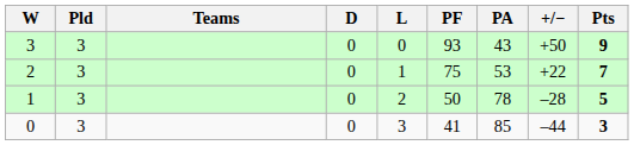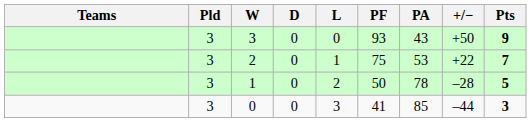 <table class="wikitable" style="text-align: center;">
 <tr>
+<th width="200">Teams</th>
+<th width="40">Pld</th>
 <th width="40">W</th>
-<th width="40">Pld</th>
-<th width="200">Teams</th>
 <th width="40">D</th>
 <th width="40">L</th>
 <th width="40">PF</th>
 <th width="40">PA</th>
 <th width="40">+/−</th>
 <th width="40">Pts</th>
 </tr>
 <tr style="background:#cfc; width:20px;">
+<td align=left></td>
 <td>3</td>
 <td>3</td>
-<td align=left></td>
 <td>0</td>
 <td>0</td>
 <td>93</td>
 <td>43</td>
 <td>+50</td>
 <td><strong>9</strong></td>
 </tr>
 <tr style="background:#cfc; width:20px;">
+<td align=left></td>
+<td>3</td>
 <td>2</td>
-<td>3</td>
-<td align=left></td>
 <td>0</td>
 <td>1</td>
 <td>75</td>
 <td>53</td>
 <td>+22</td>
 <td><strong>7</strong></td>
 </tr>
 <tr style="background:#cfc; width:20px;">
+<td align=left></td>
+<td>3</td>
 <td>1</td>
-<td>3</td>
-<td align=left></td>
 <td>0</td>
 <td>2</td>
 <td>50</td>
 <td>78</td>
 <td>–28</td>
 <td><strong>5</strong></td>
 </tr>
 <tr>
+<td align=left></td>
+<td>3</td>
 <td>0</td>
-<td>3</td>
-<td align=left></td>
 <td>0</td>
 <td>3</td>
 <td>41</td>
 <td>85</td>
 <td>–44</td>
 <td><strong>3</strong></td>
 </tr>
 </table>
